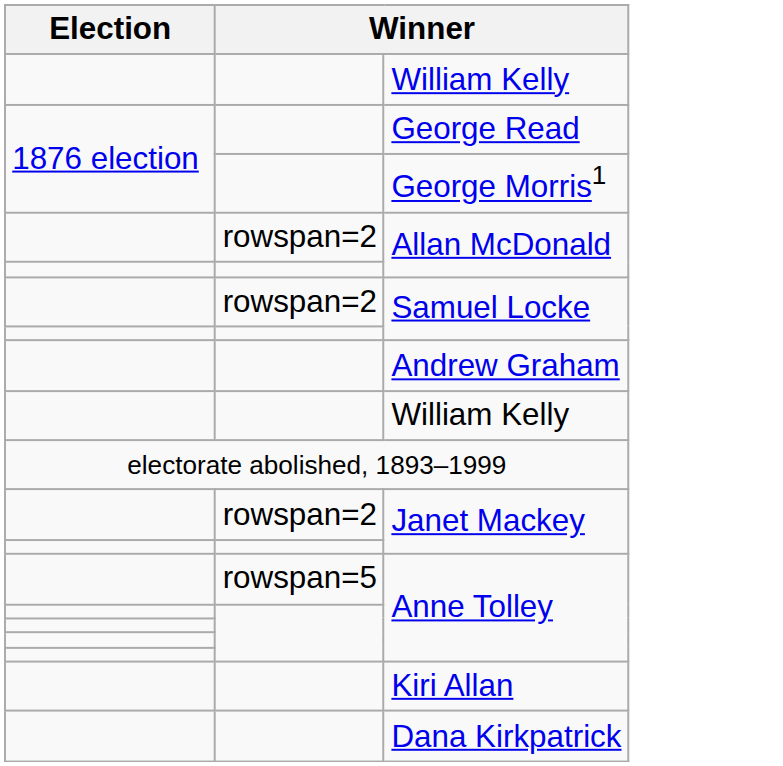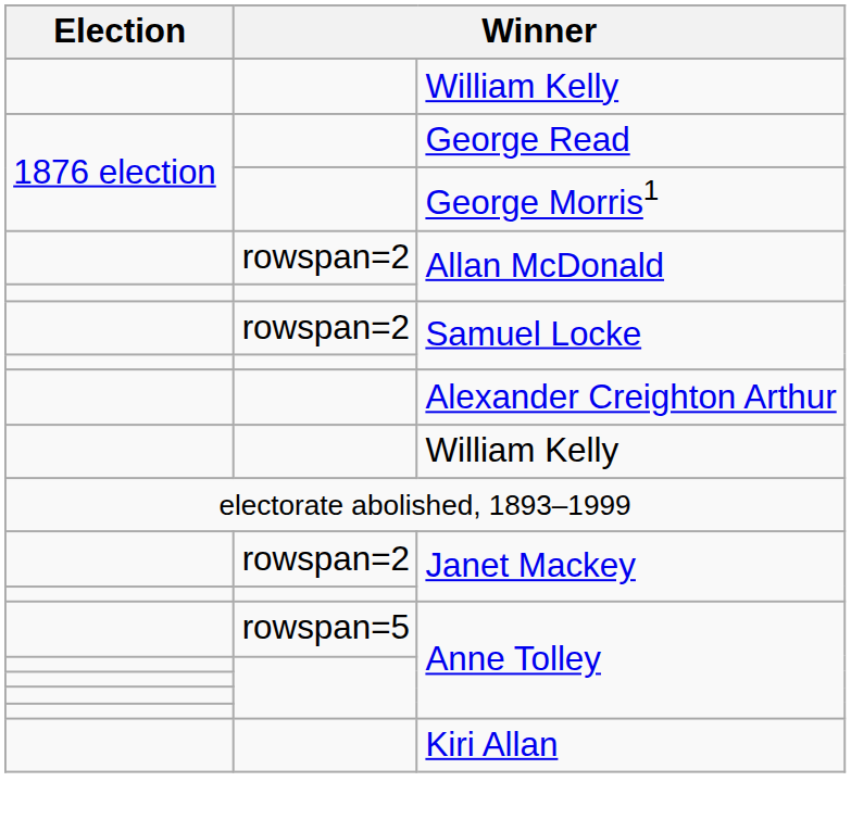 <table class="wikitable">
 <tr>
 <th width=100>Election</th>
 <th width=175 colspan=2>Winner</th>
 </tr>
 <tr>
 <td></td>
 <td></td>
 <td><a href='#'>William Kelly</a></td>
 </tr>
 <tr>
 <td rowspan=2><a href='#'>1876 election</a></td>
 <td></td>
 <td><a href='#'>George Read</a></td>
 </tr>
 <tr>
 <td></td>
 <td><a href='#'>George Morris</a><sup>1</sup></td>
 </tr>
 <tr>
 <td></td>
 <td>rowspan=2 </td>
 <td rowspan=2><a href='#'>Allan McDonald</a></td>
 </tr>
 <tr>
 <td></td>
 </tr>
 <tr>
 <td></td>
 <td>rowspan=2 </td>
 <td rowspan=2><a href='#'>Samuel Locke</a></td>
 </tr>
 <tr>
 <td></td>
 </tr>
 <tr>
 <td></td>
 <td></td>
-<td><a href='#'>Andrew Graham</a></td>
+<td><a href='#'>Alexander Creighton Arthur</a></td>
 </tr>
 <tr>
 <td></td>
 <td></td>
 <td>William Kelly</td>
 </tr>
 <tr>
 <td colspan=3 align=center><small>electorate abolished, 1893–1999</small></td>
 </tr>
 <tr>
 <td></td>
 <td>rowspan=2 </td>
 <td rowspan=2><a href='#'>Janet Mackey</a></td>
 </tr>
 <tr>
 <td></td>
 </tr>
 <tr>
 <td></td>
 <td>rowspan=5 </td>
 <td rowspan=5><a href='#'>Anne Tolley</a></td>
 </tr>
 <tr>
 <td></td>
 </tr>
 <tr>
 <td></td>
 </tr>
 <tr>
 <td></td>
 </tr>
 <tr>
 <td></td>
 </tr>
 <tr>
 <td></td>
 <td></td>
 <td><a href='#'>Kiri Allan</a></td>
 </tr>
-<tr>
-<td></td>
-<td></td>
-<td><a href='#'>Dana Kirkpatrick</a></td>
-</tr>
 </table>
